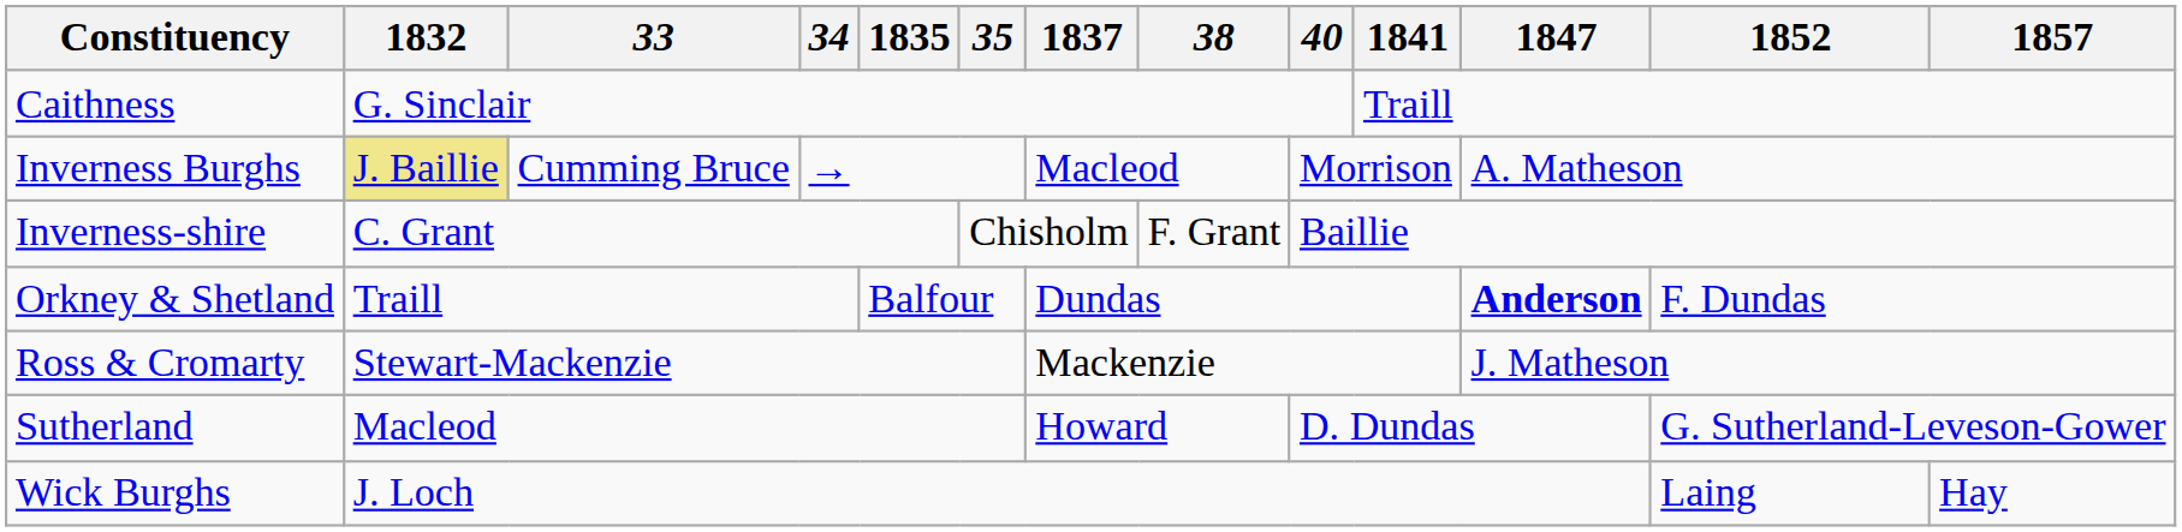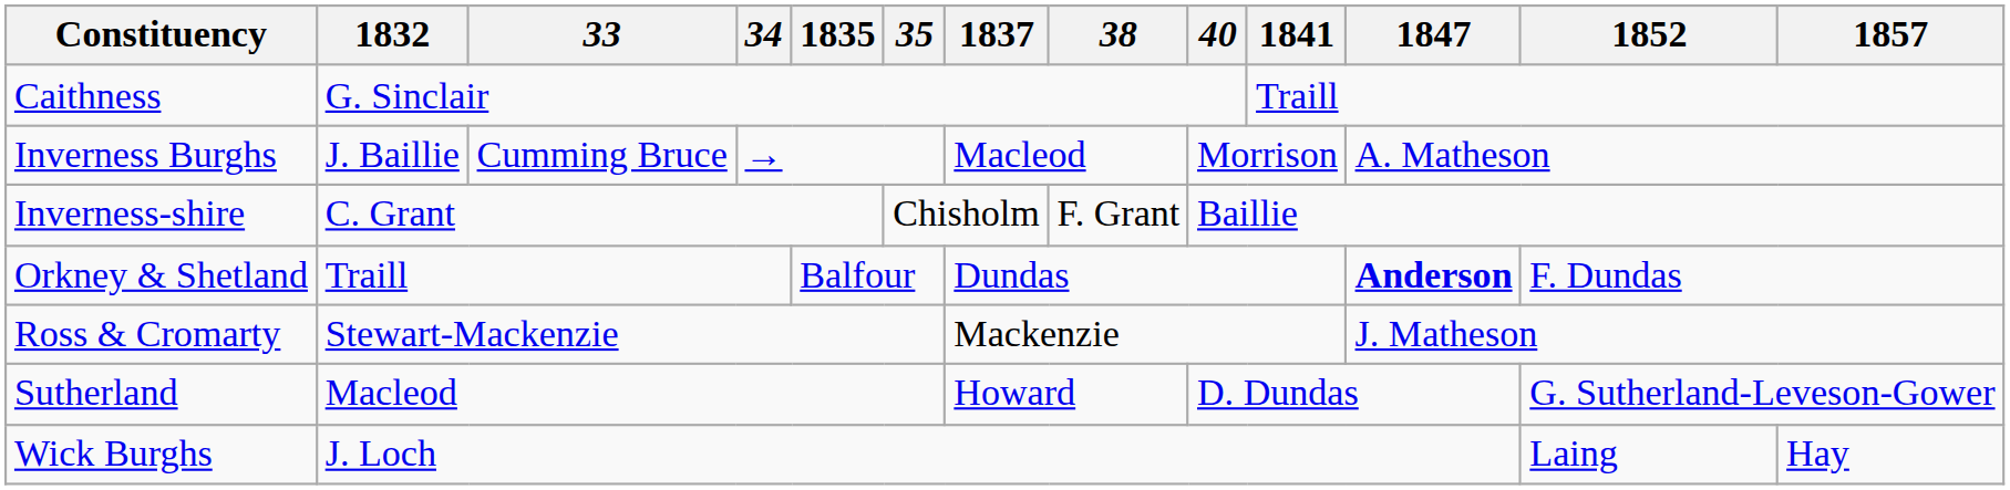 <table class=wikitable>
 <tr>
 <th>Constituency</th>
 <th>1832</th>
 <th><em>33</em></th>
 <th><em>34</em></th>
 <th>1835</th>
 <th><em>35</em></th>
 <th>1837</th>
 <th><em>38</em></th>
 <th><em>40</em></th>
 <th>1841</th>
 <th>1847</th>
 <th>1852</th>
 <th>1857</th>
 </tr>
 <tr>
 <td><a href='#'>Caithness</a></td>
 <td colspan="8"><a href='#'>G. Sinclair</a></td>
 <td colspan="4"><a href='#'>Traill</a></td>
 </tr>
 <tr>
 <td><a href='#'>Inverness Burghs</a></td>
-<td style="background: khaki;"><a href='#'>J. Baillie</a></td>
+<td><a href='#'>J. Baillie</a></td>
 <td><a href='#'>Cumming Bruce</a></td>
 <td colspan="3"><a href='#'>→</a></td>
 <td colspan="2"><a href='#'>Macleod</a></td>
 <td colspan="2"><a href='#'>Morrison</a></td>
 <td colspan="3"><a href='#'>A. Matheson</a></td>
 </tr>
 <tr>
 <td><a href='#'>Inverness-shire</a></td>
 <td colspan="4"><a href='#'>C. Grant</a></td>
 <td colspan="2">Chisholm</td>
 <td>F. Grant</td>
 <td colspan="5"><a href='#'>Baillie</a></td>
 </tr>
 <tr>
 <td><a href='#'>Orkney & Shetland</a></td>
 <td colspan="3"><a href='#'>Traill</a></td>
 <td colspan="2"><a href='#'>Balfour</a></td>
 <td colspan="4"><a href='#'>Dundas</a></td>
 <td><strong><a href='#'>Anderson</a></strong></td>
 <td colspan="2"><a href='#'>F. Dundas</a></td>
 </tr>
 <tr>
 <td><a href='#'>Ross & Cromarty</a></td>
 <td colspan="5"><a href='#'>Stewart-Mackenzie</a></td>
 <td colspan="4">Mackenzie</td>
 <td colspan="3"><a href='#'>J. Matheson</a></td>
 </tr>
 <tr>
 <td><a href='#'>Sutherland</a></td>
 <td colspan="5"><a href='#'>Macleod</a></td>
 <td colspan="2"><a href='#'>Howard</a></td>
 <td colspan="3"><a href='#'>D. Dundas</a></td>
 <td colspan="2"><a href='#'>G. Sutherland-Leveson-Gower</a></td>
 </tr>
 <tr>
 <td><a href='#'>Wick Burghs</a></td>
 <td colspan="10"><a href='#'>J. Loch</a></td>
 <td><a href='#'>Laing</a></td>
 <td><a href='#'>Hay</a></td>
 </tr>
 </table>
